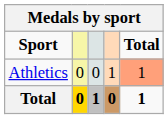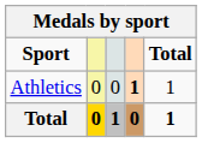 <table class="wikitable" style="font-size:85%">
 <tr style="background:#efefef;">
 <th colspan=7><strong>Medals by sport</strong></th>
 </tr>
 <tr align=center>
 <td><strong>Sport</strong></td>
 <td style="background:#f7f6a8;"></td>
 <td style="background:#dce5e5;"></td>
 <td style="background:#ffdab9;"></td>
 <td><strong>Total</strong></td>
 </tr>
 <tr align=center>
 <td><a href='#'>Athletics</a></td>
 <td style="background:#f7f6a8;">0</td>
 <td style="background:#dce5e5;">0</td>
-<td style="background:#ffdab9;">1</td>
-<td style="background: lightsalmon;">1</td>
+<td style="background:#ffdab9;"><strong>1</strong></td>
+<td>1</td>
 </tr>
 <tr align=center>
 <th><strong>Total</strong></th>
 <td style="background:gold;"><strong>0</strong></td>
 <td style="background:silver;"><strong>1</strong></td>
 <td style="background:#c96;"><strong>0</strong></td>
 <td><strong>1</strong></td>
 </tr>
 </table>
